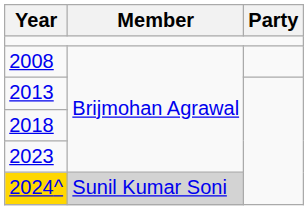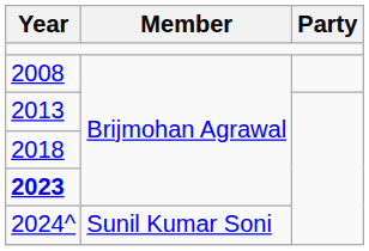 <table class="wikitable">
 <tr>
 <th>Year</th>
 <th>Member</th>
 <th colspan="2">Party</th>
 </tr>
 <tr>
 <td colspan=4></td>
 </tr>
 <tr>
 <td><a href='#'>2008</a></td>
 <td rowspan="4"><a href='#'>Brijmohan Agrawal</a></td>
 <td></td>
 </tr>
 <tr>
 <td><a href='#'>2013</a></td>
 </tr>
 <tr>
 <td><a href='#'>2018</a></td>
 </tr>
 <tr>
-<td><a href='#'>2023</a></td>
+<td><strong><a href='#'>2023</a></strong></td>
 </tr>
 <tr>
-<td style="background: gold;"><a href='#'>2024</a><a href='#'>^</a></td>
-<td style="background: lightgrey;"><a href='#'>Sunil Kumar Soni</a></td>
+<td><a href='#'>2024</a><a href='#'>^</a></td>
+<td><a href='#'>Sunil Kumar Soni</a></td>
 </tr>
 <tr>
 </tr>
 </table>
